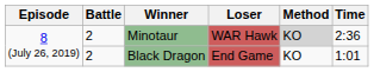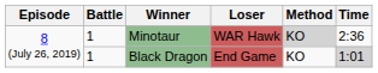 <table class="wikitable">
 <tr>
 <th>Episode</th>
 <th>Battle</th>
 <th>Winner</th>
 <th>Loser</th>
 <th>Method</th>
 <th>Time</th>
 </tr>
 <tr>
 <td style="text-align:center;" rowspan="2"><a href='#'>8</a><br><small>(July 26, 2019)</small></td>
-<td> 2</td>
+<td> 1</td>
 <td style="background:DarkSeaGreen;">Minotaur</td>
 <td style="background:IndianRed;">WAR Hawk</td>
 <td style="background: lightgrey;">KO</td>
 <td>2:36</td>
 </tr>
 <tr>
-<td>2</td>
+<td>1</td>
 <td style="background:DarkSeaGreen;">Black Dragon</td>
 <td style="background:IndianRed;">End Game</td>
 <td>KO</td>
-<td>1:01</td>
+<td style="background: lightgrey;">1:01</td>
 </tr>
 </table>
